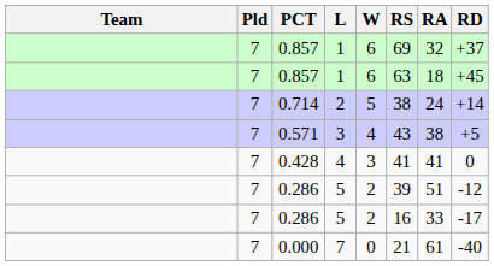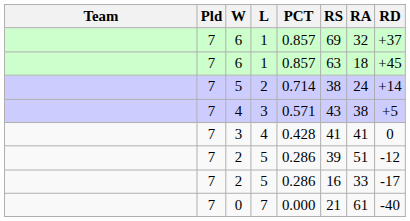 <table class=wikitable style="text-align:center">
 <tr>
 <th width=200>Team</th>
 <th width=20>Pld</th>
+<th width=20>W</th>
+<th width=20>L</th>
 <th width=40>PCT</th>
-<th width=20>L</th>
-<th width=20>W</th>
 <th width=20>RS</th>
 <th width=20>RA</th>
 <th width=20>RD</th>
 </tr>
 <tr style="background:#ccffcc;">
 <td align=left><strong></strong></td>
 <td>7</td>
+<td>6</td>
+<td>1</td>
 <td>0.857</td>
-<td>1</td>
-<td>6</td>
 <td>69</td>
 <td>32</td>
 <td>+37</td>
 </tr>
 <tr style="background:#ccffcc;">
 <td align=left><strong></strong></td>
 <td>7</td>
+<td>6</td>
+<td>1</td>
 <td>0.857</td>
-<td>1</td>
-<td>6</td>
 <td>63</td>
 <td>18</td>
 <td>+45</td>
 </tr>
 <tr style="background:#ccccff;">
 <td align=left></td>
 <td>7</td>
+<td>5</td>
+<td>2</td>
 <td>0.714</td>
-<td>2</td>
-<td>5</td>
 <td>38</td>
 <td>24</td>
 <td>+14</td>
 </tr>
 <tr style="background:#ccccff;">
 <td align=left></td>
 <td>7</td>
+<td>4</td>
+<td>3</td>
 <td>0.571</td>
-<td>3</td>
-<td>4</td>
 <td>43</td>
 <td>38</td>
 <td>+5</td>
 </tr>
 <tr>
 <td align=left></td>
 <td>7</td>
+<td>3</td>
+<td>4</td>
 <td>0.428</td>
-<td>4</td>
-<td>3</td>
 <td>41</td>
 <td>41</td>
 <td>0</td>
 </tr>
 <tr>
 <td align=left></td>
 <td>7</td>
+<td>2</td>
+<td>5</td>
 <td>0.286</td>
-<td>5</td>
-<td>2</td>
 <td>39</td>
 <td>51</td>
 <td>-12</td>
 </tr>
 <tr>
 <td align=left></td>
 <td>7</td>
+<td>2</td>
+<td>5</td>
 <td>0.286</td>
-<td>5</td>
-<td>2</td>
 <td>16</td>
 <td>33</td>
 <td>-17</td>
 </tr>
 <tr>
 <td align=left></td>
 <td>7</td>
+<td>0</td>
+<td>7</td>
 <td>0.000</td>
-<td>7</td>
-<td>0</td>
 <td>21</td>
 <td>61</td>
 <td>-40</td>
 </tr>
 </table>
